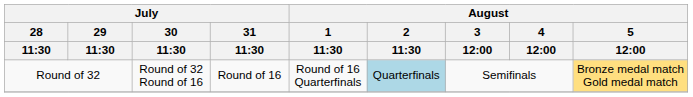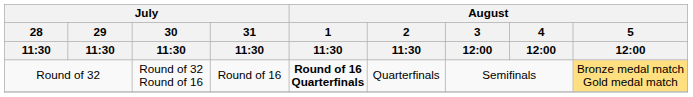 <table class="wikitable" style="text-align:center">
 <tr>
 <th colspan=4>July</th>
 <th colspan=5>August</th>
 </tr>
 <tr>
 <th width=80>28</th>
 <th width=80>29</th>
 <th width=100>30</th>
 <th width=100>31</th>
 <th width=100>1</th>
 <th width=100>2</th>
 <th width=80>3</th>
 <th width=80>4</th>
 <th width=150>5</th>
 </tr>
 <tr>
 <th>11:30</th>
 <th>11:30</th>
 <th>11:30</th>
 <th>11:30</th>
 <th>11:30</th>
 <th>11:30</th>
 <th>12:00</th>
 <th>12:00</th>
 <th>12:00</th>
 </tr>
 <tr>
 <td colspan="2">Round of 32</td>
 <td>Round of 32<br>Round of 16</td>
 <td>Round of 16</td>
-<td>Round of 16<br>Quarterfinals</td>
-<td style="background: lightblue;">Quarterfinals</td>
+<td><strong>Round of 16<br>Quarterfinals</strong></td>
+<td>Quarterfinals</td>
 <td colspan="2">Semifinals</td>
 <td bgcolor="FFDF80">Bronze medal match<br>Gold medal match</td>
 </tr>
 <tr>
 </tr>
 </table>
